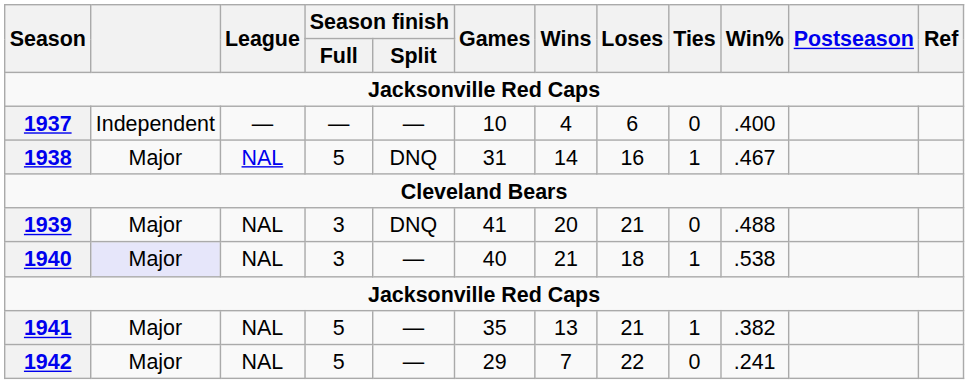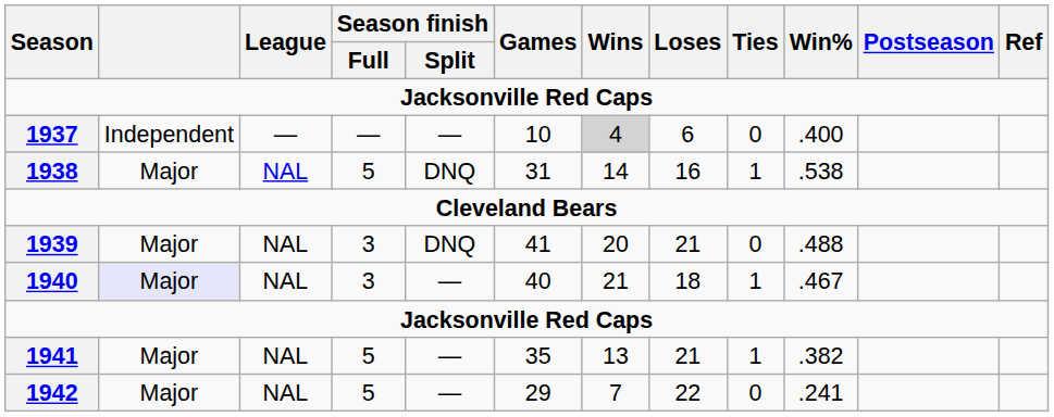 <table class="wikitable sortable" style="text-align:center; font-size:95%">
 <tr>
 <th rowspan="2">Season</th>
 <th rowspan="2"></th>
 <th rowspan="2">League</th>
 <th colspan="2">Season finish</th>
 <th rowspan="2">Games</th>
 <th rowspan="2">Wins</th>
 <th rowspan="2">Loses</th>
 <th rowspan="2">Ties</th>
 <th rowspan="2">Win%</th>
 <th rowspan="2"><a href='#'>Postseason</a></th>
 <th rowspan="2">Ref</th>
 </tr>
 <tr>
 <th>Full</th>
 <th>Split</th>
 </tr>
 <tr>
 <td align="center" colspan="12"><strong>Jacksonville Red Caps</strong></td>
 </tr>
 <tr>
 <th><a href='#'>1937</a></th>
 <td>Independent</td>
 <td>—</td>
 <td>—</td>
 <td>—</td>
 <td>10</td>
-<td>4</td>
+<td style="background: lightgrey;">4</td>
 <td>6</td>
 <td>0</td>
 <td>.400</td>
 <td></td>
 <td></td>
 </tr>
 <tr>
 <th><a href='#'>1938</a></th>
 <td>Major</td>
 <td><a href='#'>NAL</a></td>
 <td>5</td>
 <td>DNQ</td>
 <td>31</td>
 <td>14</td>
 <td>16</td>
 <td>1</td>
-<td>.467</td>
+<td>.538</td>
 <td></td>
 <td></td>
 </tr>
 <tr>
 <td align="center" colspan="12"><strong>Cleveland Bears</strong></td>
 </tr>
 <tr>
 <th><a href='#'>1939</a></th>
 <td>Major</td>
 <td>NAL</td>
 <td>3</td>
 <td>DNQ</td>
 <td>41</td>
 <td>20</td>
 <td>21</td>
 <td>0</td>
 <td>.488</td>
 <td></td>
 <td></td>
 </tr>
 <tr>
 <th><a href='#'>1940</a></th>
 <td style="background: lavender;">Major</td>
 <td>NAL</td>
 <td>3</td>
 <td>—</td>
 <td>40</td>
 <td>21</td>
 <td>18</td>
 <td>1</td>
-<td>.538</td>
+<td>.467</td>
 <td></td>
 <td></td>
 </tr>
 <tr>
 <td align="center" colspan="12"><strong>Jacksonville Red Caps</strong></td>
 </tr>
 <tr>
 <th><a href='#'>1941</a></th>
 <td>Major</td>
 <td>NAL</td>
 <td>5</td>
 <td>—</td>
 <td>35</td>
 <td>13</td>
 <td>21</td>
 <td>1</td>
 <td>.382</td>
 <td></td>
 <td></td>
 </tr>
 <tr>
 <th><a href='#'>1942</a></th>
 <td>Major</td>
 <td>NAL</td>
 <td>5</td>
 <td>—</td>
 <td>29</td>
 <td>7</td>
 <td>22</td>
 <td>0</td>
 <td>.241</td>
 <td></td>
 <td></td>
 </tr>
 </table>
